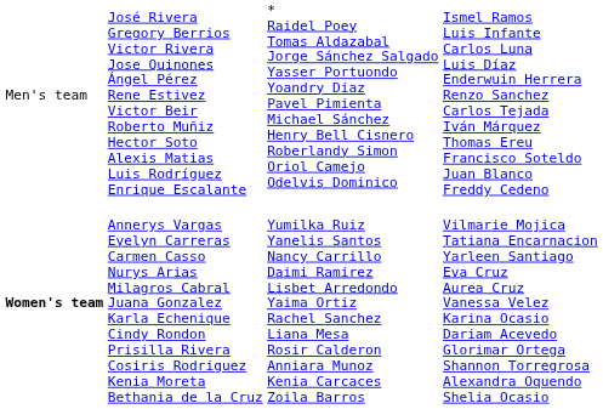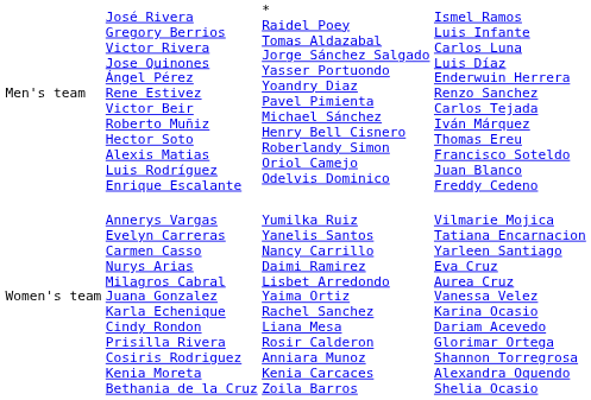 <table>
 <tr>
 <td>Men's team</td>
 <td><br><a href='#'>José Rivera</a><br><a href='#'>Gregory Berrios</a><br><a href='#'>Victor Rivera</a><br><a href='#'>Jose Quinones</a><br><a href='#'>Ángel Pérez</a><br><a href='#'>Rene Estivez</a><br><a href='#'>Victor Beir</a><br><a href='#'>Roberto Muñiz</a><br><a href='#'>Hector Soto</a><br><a href='#'>Alexis Matias</a><br><a href='#'>Luis Rodríguez</a><br><a href='#'>Enrique Escalante</a></td>
 <td>*<br><a href='#'>Raidel Poey</a><br><a href='#'>Tomas Aldazabal</a><br><a href='#'>Jorge Sánchez Salgado</a><br><a href='#'>Yasser Portuondo</a><br><a href='#'>Yoandry Diaz</a><br><a href='#'>Pavel Pimienta</a><br><a href='#'>Michael Sánchez</a><br><a href='#'>Henry Bell Cisnero</a><br><a href='#'>Roberlandy Simon</a><br><a href='#'>Oriol Camejo</a><br><a href='#'>Odelvis Dominico</a></td>
 <td><br><a href='#'>Ismel Ramos</a><br><a href='#'>Luis Infante</a><br><a href='#'>Carlos Luna</a><br><a href='#'>Luis Díaz</a><br><a href='#'>Enderwuin Herrera</a><br><a href='#'>Renzo Sanchez</a><br><a href='#'>Carlos Tejada</a><br><a href='#'>Iván Márquez</a><br><a href='#'>Thomas Ereu</a><br><a href='#'>Francisco Soteldo</a><br><a href='#'>Juan Blanco</a><br><a href='#'>Freddy Cedeno</a></td>
 </tr>
 <tr>
-<td><strong>Women's team</strong></td>
+<td>Women's team</td>
 <td><br><a href='#'>Annerys Vargas</a><br><a href='#'>Evelyn Carreras</a><br><a href='#'>Carmen Casso</a><br><a href='#'>Nurys Arias</a><br><a href='#'>Milagros Cabral</a><br><a href='#'>Juana Gonzalez</a><br><a href='#'>Karla Echenique</a><br><a href='#'>Cindy Rondon</a><br><a href='#'>Prisilla Rivera</a><br><a href='#'>Cosiris Rodriguez</a><br><a href='#'>Kenia Moreta</a><br><a href='#'>Bethania de la Cruz</a></td>
 <td><br><a href='#'>Yumilka Ruiz</a><br><a href='#'>Yanelis Santos</a><br><a href='#'>Nancy Carrillo</a><br><a href='#'>Daimi Ramirez</a><br><a href='#'>Lisbet Arredondo</a><br><a href='#'>Yaima Ortiz</a><br><a href='#'>Rachel Sanchez</a><br><a href='#'>Liana Mesa</a><br><a href='#'>Rosir Calderon</a><br><a href='#'>Anniara Munoz</a><br><a href='#'>Kenia Carcaces</a><br><a href='#'>Zoila Barros</a></td>
 <td><br><a href='#'>Vilmarie Mojica</a><br><a href='#'>Tatiana Encarnacion</a><br><a href='#'>Yarleen Santiago</a><br><a href='#'>Eva Cruz</a><br><a href='#'>Aurea Cruz</a><br><a href='#'>Vanessa Velez</a><br><a href='#'>Karina Ocasio</a><br><a href='#'>Dariam Acevedo</a><br><a href='#'>Glorimar Ortega</a><br><a href='#'>Shannon Torregrosa</a><br><a href='#'>Alexandra Oquendo</a><br><a href='#'>Shelia Ocasio</a></td>
 </tr>
 </table>
